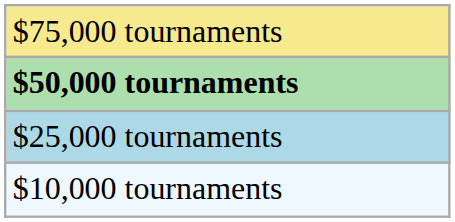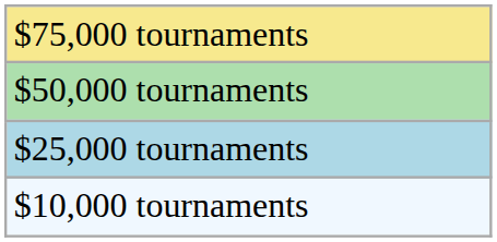 <table class="wikitable"  style="font-size:85%; width:12%;">
 <tr style="background:#f7e98e;">
 <td>$75,000 tournaments</td>
 </tr>
 <tr style="background:#addfad;">
-<td><strong>$50,000 tournaments</strong></td>
+<td>$50,000 tournaments</td>
 </tr>
 <tr style="background:lightblue;">
 <td>$25,000 tournaments</td>
 </tr>
 <tr style="background:#f0f8ff;">
 <td>$10,000 tournaments</td>
 </tr>
 </table>
